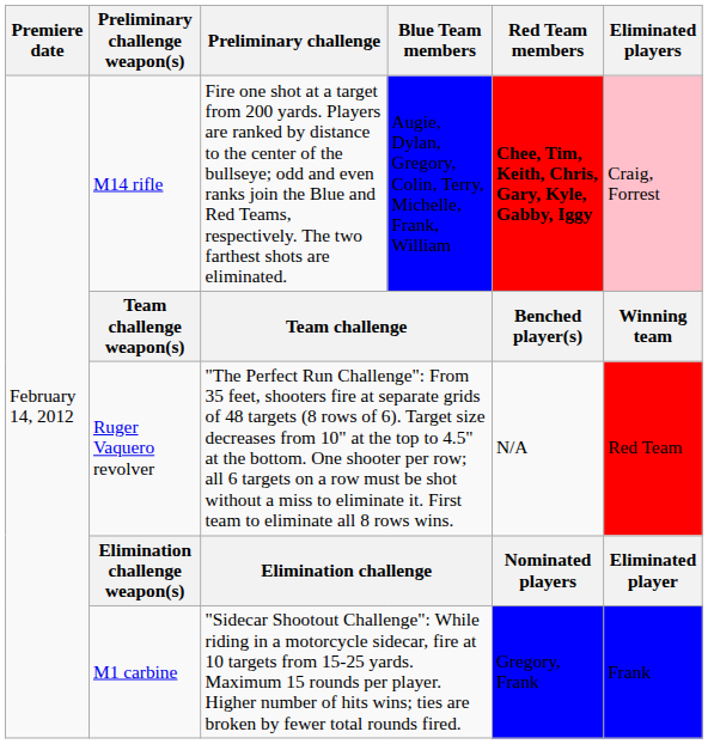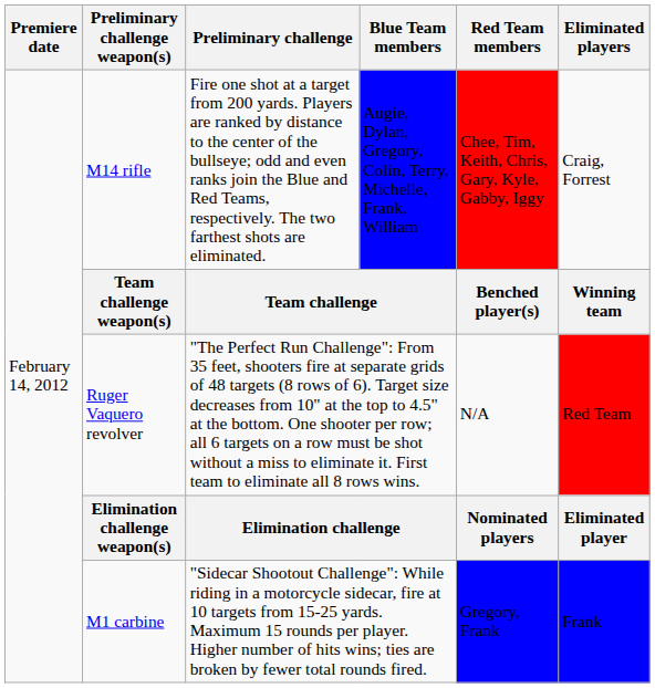 <table class="wikitable">
 <tr>
 <th>Premiere date</th>
 <th>Preliminary challenge weapon(s)</th>
 <th>Preliminary challenge</th>
 <th>Blue Team members</th>
 <th>Red Team members</th>
 <th>Eliminated players</th>
 </tr>
 <tr>
 <td rowspan="5">February 14, 2012</td>
 <td><a href='#'>M14 rifle</a></td>
 <td>Fire one shot at a target from 200 yards. Players are ranked by distance to the center of the bullseye; odd and even ranks join the Blue and Red Teams, respectively. The two farthest shots are eliminated.</td>
 <td bgcolor="blue"><span>Augie, Dylan, Gregory, Colin, Terry, Michelle, Frank, William</span></td>
-<td bgcolor="red"><strong><span>Chee, Tim, Keith, Chris, Gary, Kyle, Gabby, Iggy</span></strong></td>
-<td style="background: pink;">Craig, Forrest</td>
+<td bgcolor="red"><span>Chee, Tim, Keith, Chris, Gary, Kyle, Gabby, Iggy</span></td>
+<td>Craig, Forrest</td>
 </tr>
 <tr>
 <th>Team challenge weapon(s)</th>
 <th colspan="2">Team challenge</th>
 <th>Benched player(s)</th>
 <th>Winning team</th>
 </tr>
 <tr>
 <td><a href='#'>Ruger Vaquero</a> revolver</td>
 <td colspan="2">"The Perfect Run Challenge": From 35 feet, shooters fire at separate grids of 48 targets (8 rows of 6). Target size decreases from 10" at the top to 4.5" at the bottom. One shooter per row; all 6 targets on a row must be shot without a miss to eliminate it. First team to eliminate all 8 rows wins.</td>
 <td>N/A</td>
 <td bgcolor="red"><span> Red Team</span></td>
 </tr>
 <tr>
 <th>Elimination challenge weapon(s)</th>
 <th colspan="2">Elimination challenge</th>
 <th>Nominated players</th>
 <th>Eliminated player</th>
 </tr>
 <tr>
 <td><a href='#'>M1 carbine</a></td>
 <td colspan="2">"Sidecar Shootout Challenge": While riding in a motorcycle sidecar, fire at 10 targets from 15-25 yards. Maximum 15 rounds per player. Higher number of hits wins; ties are broken by fewer total rounds fired.</td>
 <td bgcolor="blue"><span>Gregory, Frank</span></td>
 <td bgcolor="blue"><span>Frank</span></td>
 </tr>
 </table>
